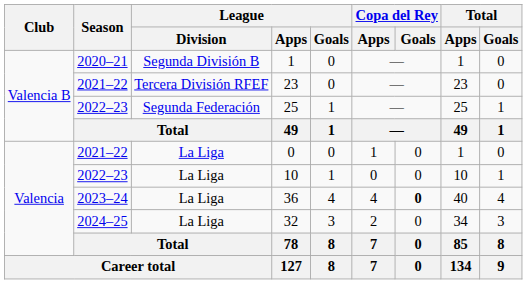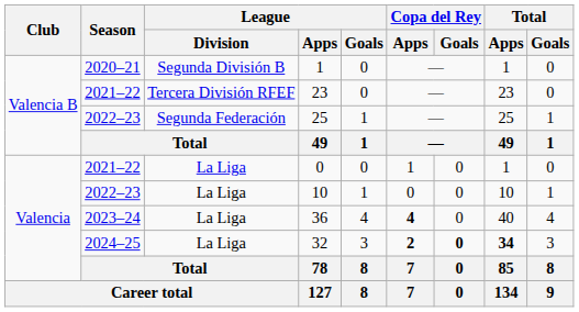 <table class=wikitable style=text-align:center>
 <tr>
 <th rowspan="2">Club</th>
 <th rowspan="2">Season</th>
 <th colspan="3">League</th>
 <th colspan="2"><a href='#'>Copa del Rey</a></th>
 <th colspan="2">Total</th>
 </tr>
 <tr>
 <th>Division</th>
 <th>Apps</th>
 <th>Goals</th>
 <th>Apps</th>
 <th>Goals</th>
 <th>Apps</th>
 <th>Goals</th>
 </tr>
 <tr>
 <td rowspan="4"><a href='#'>Valencia B</a></td>
 <td><a href='#'>2020–21</a></td>
 <td><a href='#'>Segunda División B</a></td>
 <td>1</td>
 <td>0</td>
 <td colspan="2">—</td>
 <td>1</td>
 <td>0</td>
 </tr>
 <tr>
 <td><a href='#'>2021–22</a></td>
 <td><a href='#'>Tercera División RFEF</a></td>
 <td>23</td>
 <td>0</td>
 <td colspan="2">—</td>
 <td>23</td>
 <td>0</td>
 </tr>
 <tr>
 <td><a href='#'>2022–23</a></td>
 <td><a href='#'>Segunda Federación</a></td>
 <td>25</td>
 <td>1</td>
 <td colspan="2">—</td>
 <td>25</td>
 <td>1</td>
 </tr>
 <tr>
 <th colspan="2">Total</th>
 <th>49</th>
 <th>1</th>
 <th colspan="2">—</th>
 <th>49</th>
 <th>1</th>
 </tr>
 <tr>
 <td rowspan="5"><a href='#'>Valencia</a></td>
 <td><a href='#'>2021–22</a></td>
 <td><a href='#'>La Liga</a></td>
 <td>0</td>
 <td>0</td>
 <td>1</td>
 <td>0</td>
 <td>1</td>
 <td>0</td>
 </tr>
 <tr>
 <td><a href='#'>2022–23</a></td>
 <td>La Liga</td>
 <td>10</td>
 <td>1</td>
 <td>0</td>
 <td>0</td>
 <td>10</td>
 <td>1</td>
 </tr>
 <tr>
 <td><a href='#'>2023–24</a></td>
 <td>La Liga</td>
 <td>36</td>
 <td>4</td>
-<td>4</td>
-<td><strong>0</strong></td>
+<td><strong>4</strong></td>
+<td>0</td>
 <td>40</td>
 <td>4</td>
 </tr>
 <tr>
 <td><a href='#'>2024–25</a></td>
 <td>La Liga</td>
 <td>32</td>
 <td>3</td>
-<td>2</td>
-<td>0</td>
-<td>34</td>
+<td><strong>2</strong></td>
+<td><strong>0</strong></td>
+<td><strong>34</strong></td>
 <td>3</td>
 </tr>
 <tr>
 <th colspan="2">Total</th>
 <th>78</th>
 <th>8</th>
 <th>7</th>
 <th>0</th>
 <th>85</th>
 <th>8</th>
 </tr>
 <tr>
 <th colspan="3">Career total</th>
 <th>127</th>
 <th>8</th>
 <th>7</th>
 <th>0</th>
 <th>134</th>
 <th>9</th>
 </tr>
 </table>
